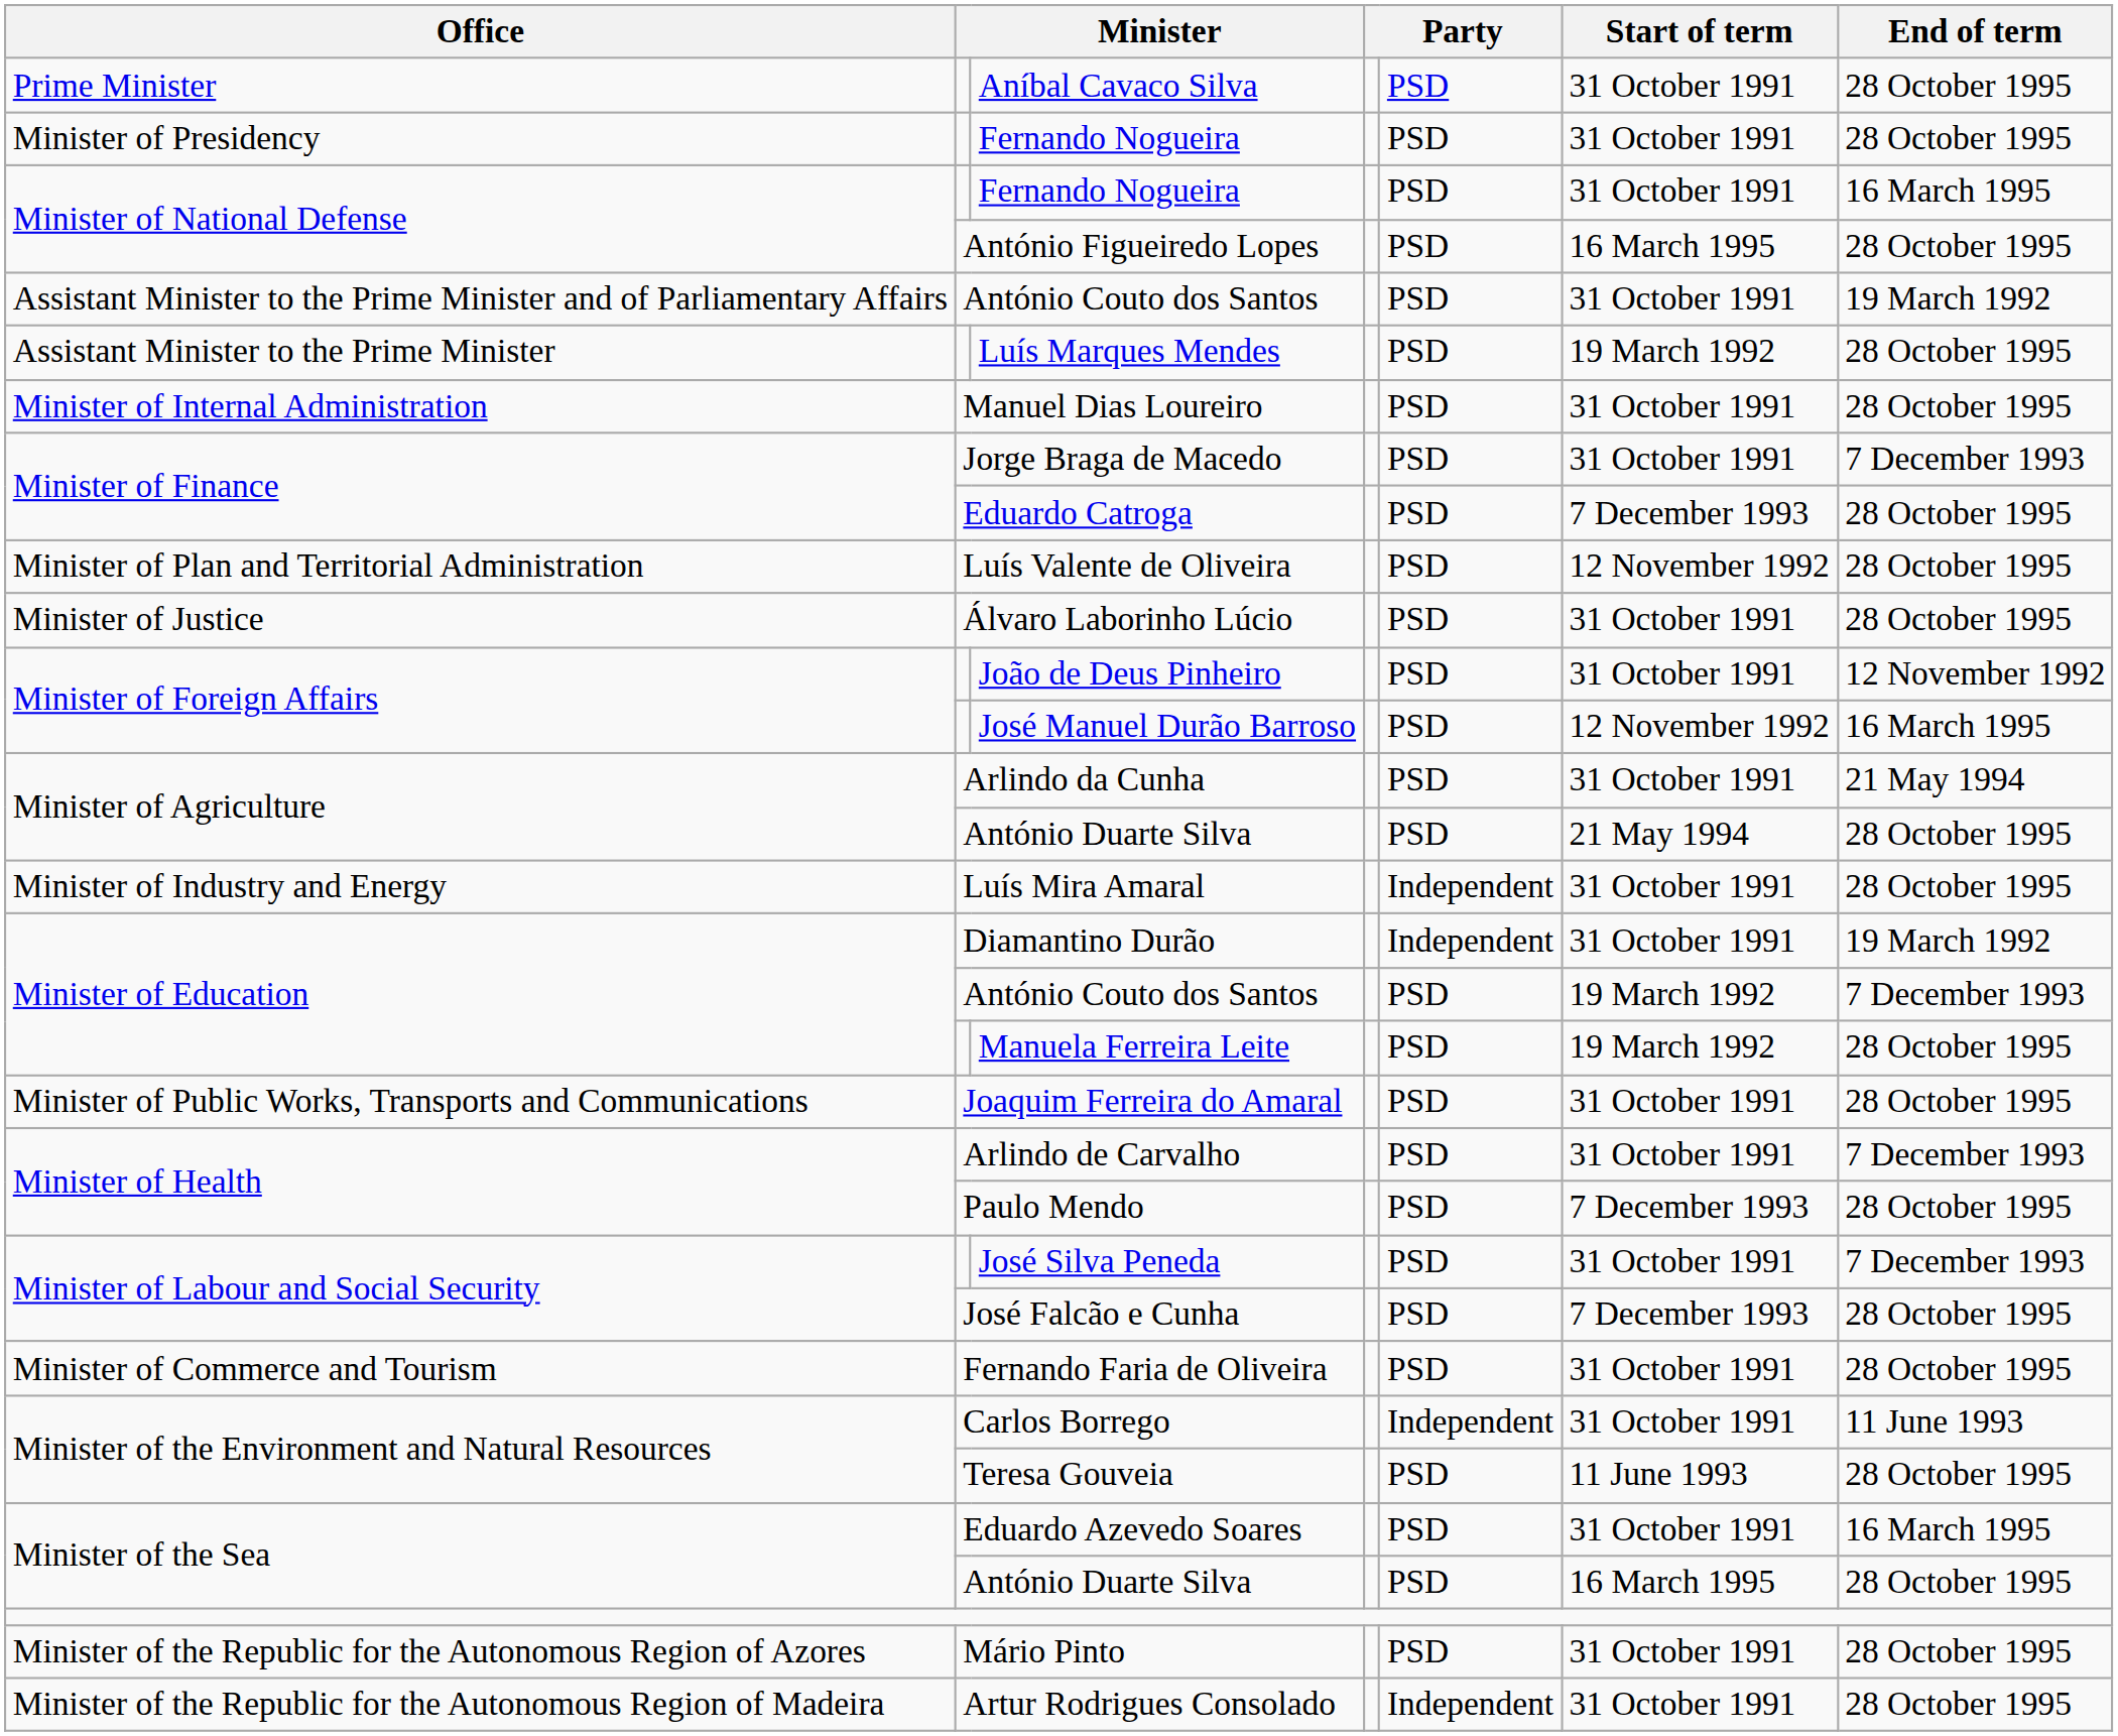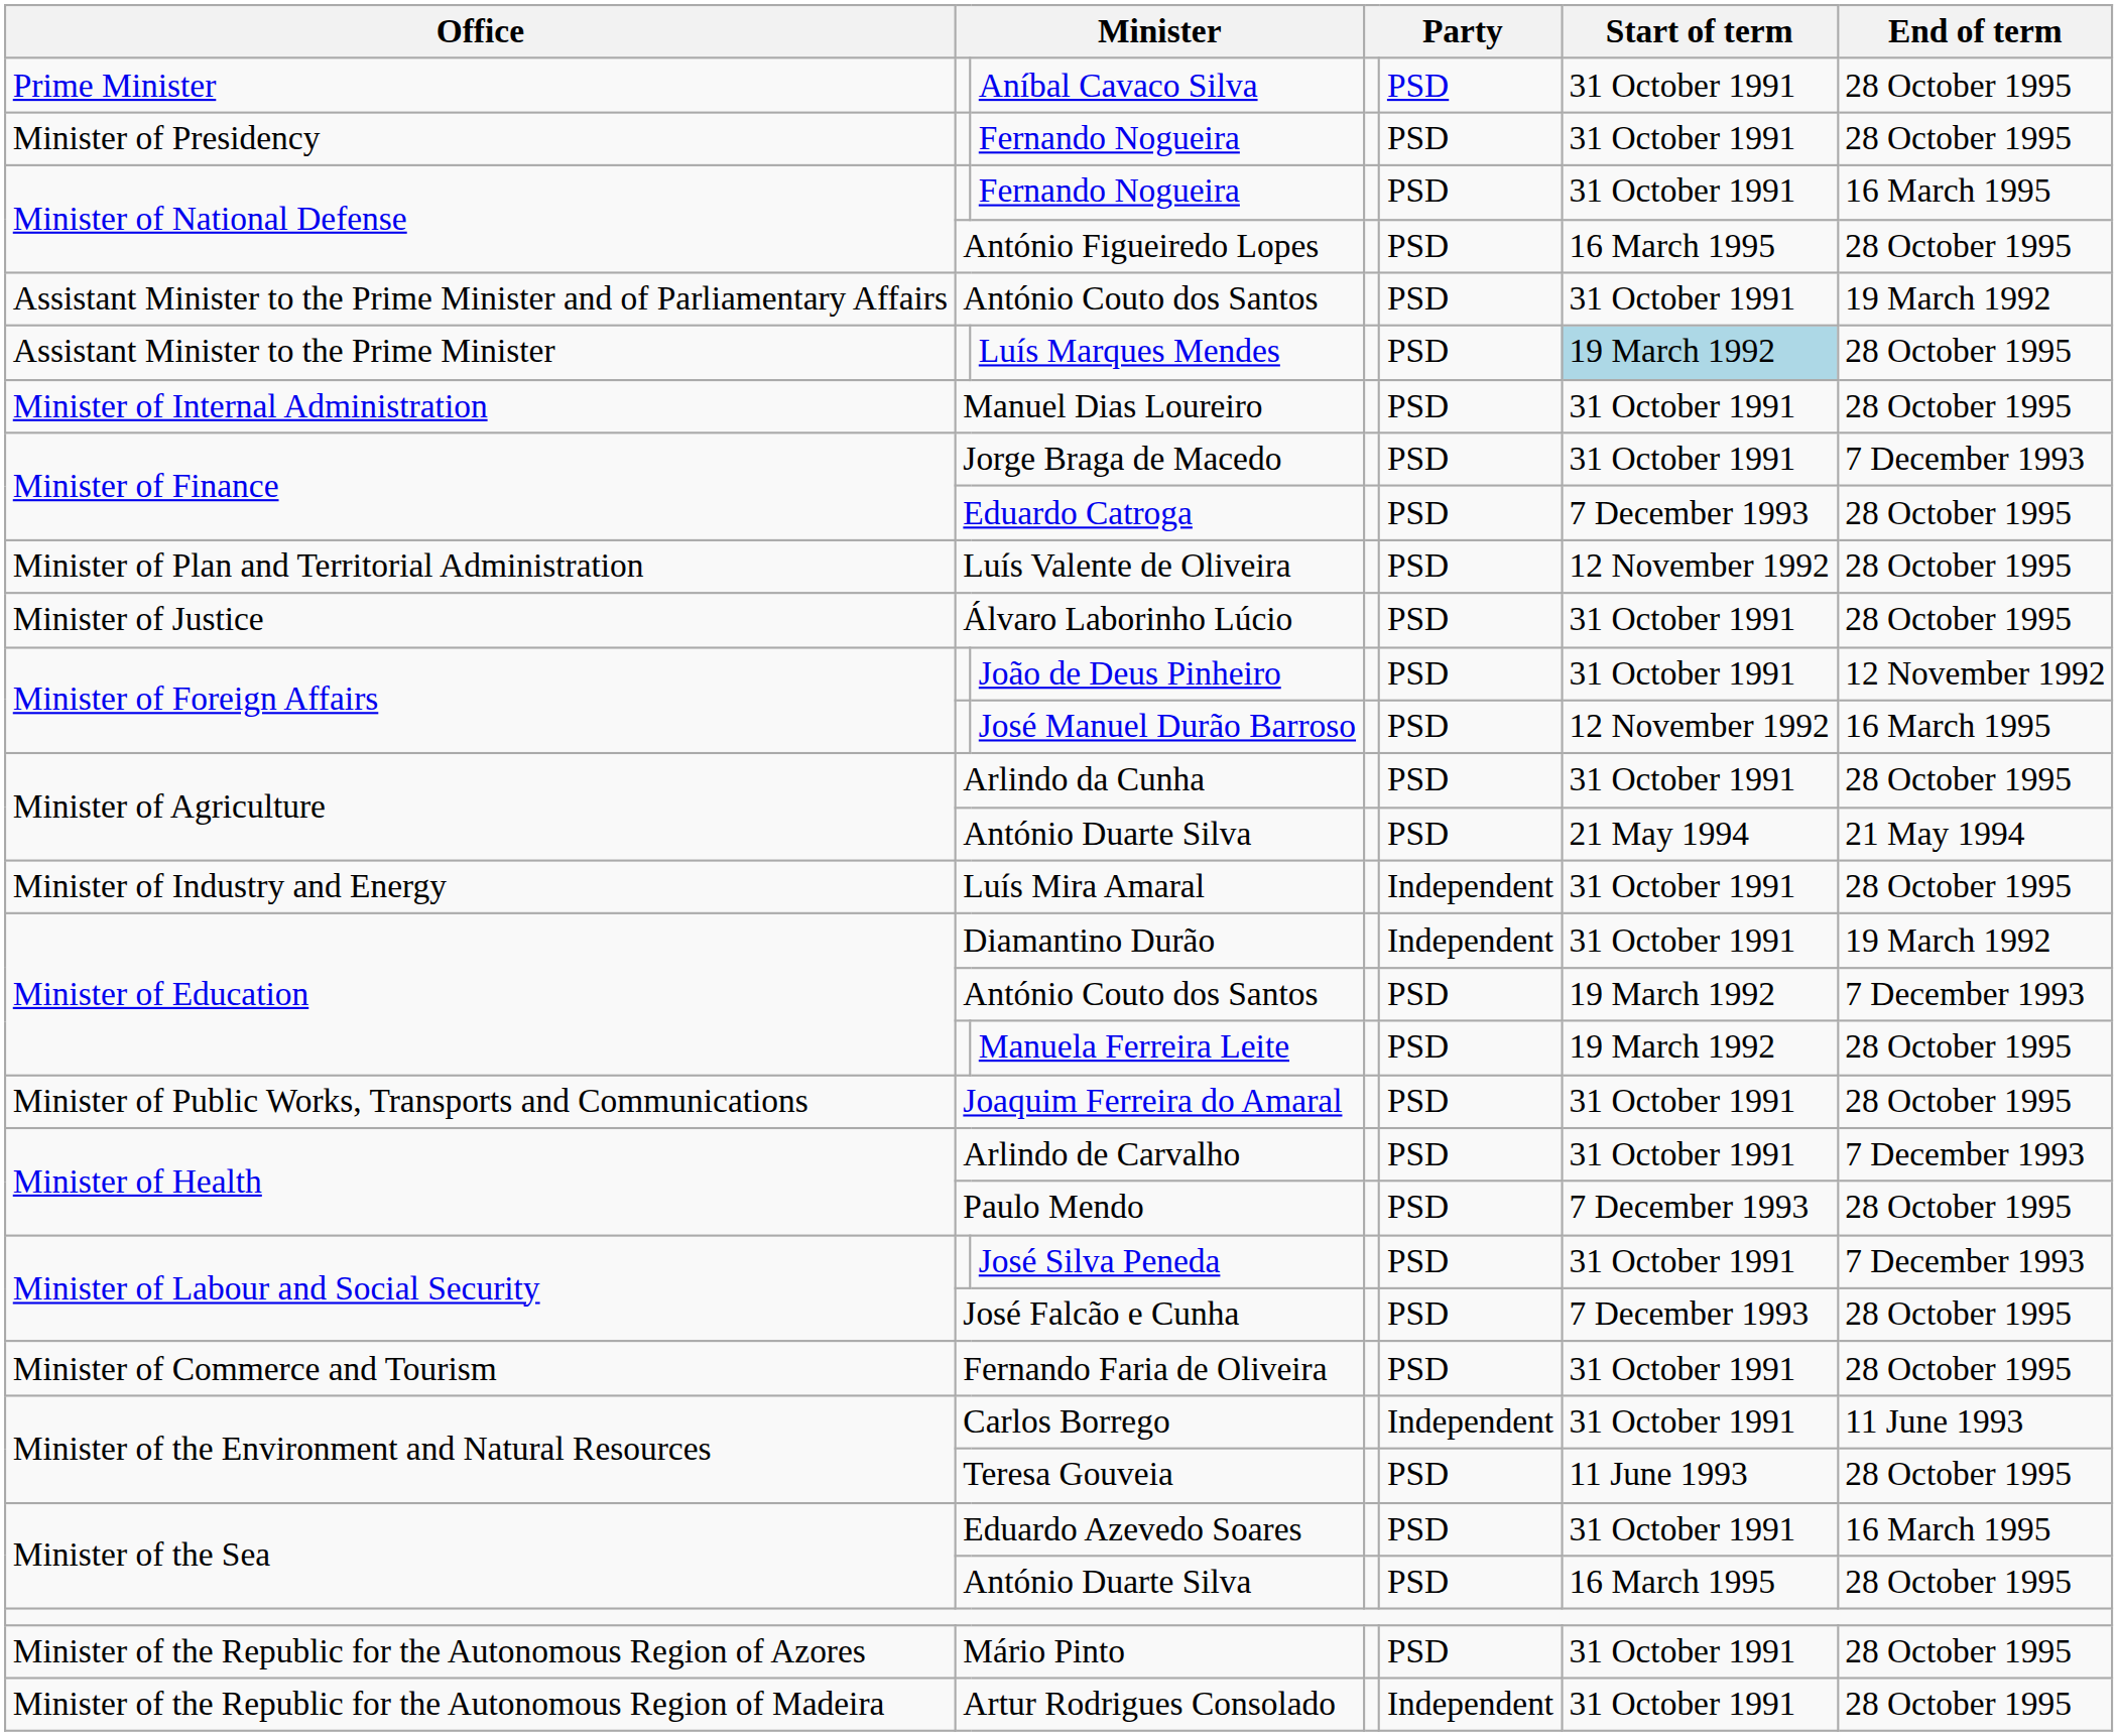 <table class="wikitable">
 <tr>
 <th>Office</th>
 <th colspan="2">Minister</th>
 <th colspan="2">Party</th>
 <th>Start of term</th>
 <th>End of term</th>
 </tr>
 <tr>
 <td><a href='#'>Prime Minister</a></td>
 <td></td>
 <td><a href='#'>Aníbal Cavaco Silva</a></td>
 <td style="background:"></td>
 <td><a href='#'>PSD</a></td>
 <td>31 October 1991</td>
 <td>28 October 1995</td>
 </tr>
 <tr>
 <td>Minister of Presidency</td>
 <td></td>
 <td><a href='#'>Fernando Nogueira</a></td>
 <td style="background:"></td>
 <td>PSD</td>
 <td>31 October 1991</td>
 <td>28 October 1995</td>
 </tr>
 <tr>
 <td rowspan="2"><a href='#'>Minister of National Defense</a></td>
 <td></td>
 <td><a href='#'>Fernando Nogueira</a></td>
 <td style="background:"></td>
 <td>PSD</td>
 <td>31 October 1991</td>
 <td>16 March 1995</td>
 </tr>
 <tr>
 <td colspan="2">António Figueiredo Lopes</td>
 <td style="background:"></td>
 <td>PSD</td>
 <td>16 March 1995</td>
 <td>28 October 1995</td>
 </tr>
 <tr>
 <td>Assistant Minister to the Prime Minister and of Parliamentary Affairs</td>
 <td colspan="2">António Couto dos Santos</td>
 <td style="background:"></td>
 <td>PSD</td>
 <td>31 October 1991</td>
 <td>19 March 1992</td>
 </tr>
 <tr>
 <td>Assistant Minister to the Prime Minister</td>
 <td></td>
 <td><a href='#'>Luís Marques Mendes</a></td>
 <td style="background:"></td>
 <td>PSD</td>
-<td>19 March 1992</td>
+<td style="background: lightblue;">19 March 1992</td>
 <td>28 October 1995</td>
 </tr>
 <tr>
 <td><a href='#'>Minister of Internal Administration</a></td>
 <td colspan="2">Manuel Dias Loureiro</td>
 <td style="background:"></td>
 <td>PSD</td>
 <td>31 October 1991</td>
 <td>28 October 1995</td>
 </tr>
 <tr>
 <td rowspan="2"><a href='#'>Minister of Finance</a></td>
 <td colspan="2">Jorge Braga de Macedo</td>
 <td style="background:"></td>
 <td>PSD</td>
 <td>31 October 1991</td>
 <td>7 December 1993</td>
 </tr>
 <tr>
 <td colspan="2"><a href='#'>Eduardo Catroga</a></td>
 <td style="background:"></td>
 <td>PSD</td>
 <td>7 December 1993</td>
 <td>28 October 1995</td>
 </tr>
 <tr>
 <td>Minister of Plan and Territorial Administration</td>
 <td colspan="2">Luís Valente de Oliveira</td>
 <td style="background:"></td>
 <td>PSD</td>
 <td>12 November 1992</td>
 <td>28 October 1995</td>
 </tr>
 <tr>
 <td>Minister of Justice</td>
 <td colspan="2">Álvaro Laborinho Lúcio</td>
 <td style="background:"></td>
 <td>PSD</td>
 <td>31 October 1991</td>
 <td>28 October 1995</td>
 </tr>
 <tr>
 <td rowspan="2"><a href='#'>Minister of Foreign Affairs</a></td>
 <td></td>
 <td><a href='#'>João de Deus Pinheiro</a></td>
 <td style="background:"></td>
 <td>PSD</td>
 <td>31 October 1991</td>
 <td>12 November 1992</td>
 </tr>
 <tr>
 <td></td>
 <td><a href='#'>José Manuel Durão Barroso</a></td>
 <td style="background:"></td>
 <td>PSD</td>
 <td>12 November 1992</td>
 <td>16 March 1995</td>
 </tr>
 <tr>
 <td rowspan="2">Minister of Agriculture</td>
 <td colspan="2">Arlindo da Cunha</td>
 <td style="background:"></td>
 <td>PSD</td>
 <td>31 October 1991</td>
-<td>21 May 1994</td>
+<td>28 October 1995</td>
 </tr>
 <tr>
 <td colspan="2">António Duarte Silva</td>
 <td style="background:"></td>
 <td>PSD</td>
 <td>21 May 1994</td>
-<td>28 October 1995</td>
+<td>21 May 1994</td>
 </tr>
 <tr>
 <td>Minister of Industry and Energy</td>
 <td colspan="2">Luís Mira Amaral</td>
 <td style="background:"></td>
 <td>Independent</td>
 <td>31 October 1991</td>
 <td>28 October 1995</td>
 </tr>
 <tr>
 <td rowspan="3"><a href='#'>Minister of Education</a></td>
 <td colspan="2">Diamantino Durão</td>
 <td style="background:"></td>
 <td>Independent</td>
 <td>31 October 1991</td>
 <td>19 March 1992</td>
 </tr>
 <tr>
 <td colspan="2">António Couto dos Santos</td>
 <td style="background:"></td>
 <td>PSD</td>
 <td>19 March 1992</td>
 <td>7 December 1993</td>
 </tr>
 <tr>
 <td></td>
 <td><a href='#'>Manuela Ferreira Leite</a></td>
 <td style="background:"></td>
 <td>PSD</td>
 <td>19 March 1992</td>
 <td>28 October 1995</td>
 </tr>
 <tr>
 <td>Minister of Public Works, Transports and Communications</td>
 <td colspan="2"><a href='#'>Joaquim Ferreira do Amaral</a></td>
 <td style="background:"></td>
 <td>PSD</td>
 <td>31 October 1991</td>
 <td>28 October 1995</td>
 </tr>
 <tr>
 <td rowspan="2"><a href='#'>Minister of Health</a></td>
 <td colspan="2">Arlindo de Carvalho</td>
 <td style="background:"></td>
 <td>PSD</td>
 <td>31 October 1991</td>
 <td>7 December 1993</td>
 </tr>
 <tr>
 <td colspan="2">Paulo Mendo</td>
 <td style="background:"></td>
 <td>PSD</td>
 <td>7 December 1993</td>
 <td>28 October 1995</td>
 </tr>
 <tr>
 <td rowspan="2"><a href='#'>Minister of Labour and Social Security</a></td>
 <td></td>
 <td><a href='#'>José Silva Peneda</a></td>
 <td style="background:"></td>
 <td>PSD</td>
 <td>31 October 1991</td>
 <td>7 December 1993</td>
 </tr>
 <tr>
 <td colspan="2">José Falcão e Cunha</td>
 <td style="background:"></td>
 <td>PSD</td>
 <td>7 December 1993</td>
 <td>28 October 1995</td>
 </tr>
 <tr>
 <td>Minister of Commerce and Tourism</td>
 <td colspan="2">Fernando Faria de Oliveira</td>
 <td style="background:"></td>
 <td>PSD</td>
 <td>31 October 1991</td>
 <td>28 October 1995</td>
 </tr>
 <tr>
 <td rowspan="2">Minister of the Environment and Natural Resources</td>
 <td colspan="2">Carlos Borrego</td>
 <td style="background:"></td>
 <td>Independent</td>
 <td>31 October 1991</td>
 <td>11 June 1993</td>
 </tr>
 <tr>
 <td colspan="2">Teresa Gouveia</td>
 <td style="background:"></td>
 <td>PSD</td>
 <td>11 June 1993</td>
 <td>28 October 1995</td>
 </tr>
 <tr>
 <td rowspan="2">Minister of the Sea</td>
 <td colspan="2">Eduardo Azevedo Soares</td>
 <td style="background:"></td>
 <td>PSD</td>
 <td>31 October 1991</td>
 <td>16 March 1995</td>
 </tr>
 <tr>
 <td colspan="2">António Duarte Silva</td>
 <td style="background:"></td>
 <td>PSD</td>
 <td>16 March 1995</td>
 <td>28 October 1995</td>
 </tr>
 <tr>
 <td colspan="7"></td>
 </tr>
 <tr>
 <td>Minister of the Republic for the Autonomous Region of Azores</td>
 <td colspan="2">Mário Pinto</td>
 <td style="background:"></td>
 <td>PSD</td>
 <td>31 October 1991</td>
 <td>28 October 1995</td>
 </tr>
 <tr>
 <td>Minister of the Republic for the Autonomous Region of Madeira</td>
 <td colspan="2">Artur Rodrigues Consolado</td>
 <td style="background:"></td>
 <td>Independent</td>
 <td>31 October 1991</td>
 <td>28 October 1995</td>
 </tr>
 </table>
